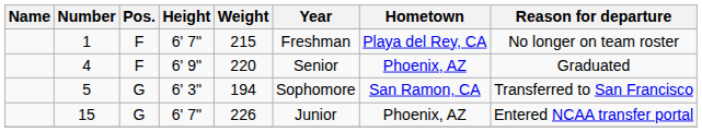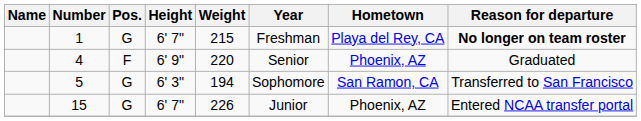 <table class="wikitable sortable" style="text-align: center">
 <tr align=center>
 <th>Name</th>
 <th>Number</th>
 <th>Pos.</th>
 <th>Height</th>
 <th>Weight</th>
 <th>Year</th>
 <th>Hometown</th>
 <th>Reason for departure</th>
 </tr>
 <tr>
 <td></td>
 <td>1</td>
-<td>F</td>
+<td>G</td>
 <td>6' 7"</td>
 <td>215</td>
 <td>Freshman</td>
 <td><a href='#'>Playa del Rey, CA</a></td>
-<td>No longer on team roster</td>
+<td><strong>No longer on team roster</strong></td>
 </tr>
 <tr>
 <td></td>
 <td>4</td>
 <td>F</td>
 <td>6' 9"</td>
 <td>220</td>
 <td>Senior</td>
 <td><a href='#'>Phoenix, AZ</a></td>
 <td>Graduated</td>
 </tr>
 <tr>
 <td></td>
 <td>5</td>
 <td>G</td>
 <td>6' 3"</td>
 <td>194</td>
 <td>Sophomore</td>
 <td><a href='#'>San Ramon, CA</a></td>
 <td>Transferred to <a href='#'>San Francisco</a></td>
 </tr>
 <tr>
 <td></td>
 <td>15</td>
 <td>G</td>
 <td>6' 7"</td>
 <td>226</td>
 <td>Junior</td>
 <td>Phoenix, AZ</td>
 <td>Entered <a href='#'>NCAA transfer portal</a></td>
 </tr>
 <tr>
 </tr>
 </table>
